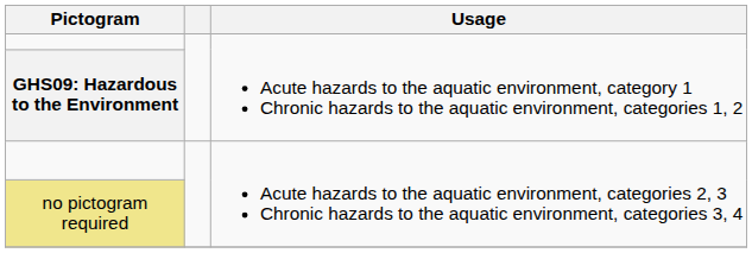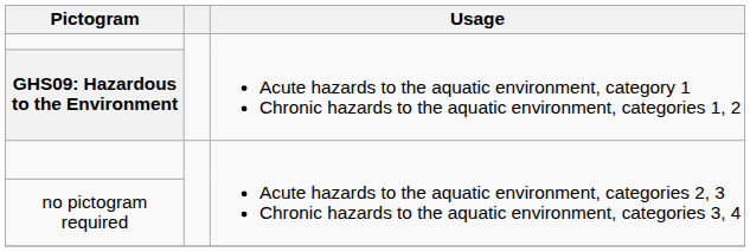 <table class="wikitable">
 <tr>
 <th>Pictogram</th>
 <th> </th>
 <th>Usage</th>
 </tr>
 <tr>
 <td width=150px align=center></td>
 <td rowspan=2 width=15px> </td>
 <td rowspan=2><br><ul><li>Acute hazards to the aquatic environment, category 1</li><li>Chronic hazards to the aquatic environment, categories 1, 2</li></ul></td>
 </tr>
 <tr>
 <th>GHS09: Hazardous to the Environment</th>
 </tr>
 <tr>
 <td width=150px align=center> </td>
 <td rowspan=2 width=15px> </td>
 <td rowspan=2><br><ul><li>Acute hazards to the aquatic environment, categories 2, 3</li><li>Chronic hazards to the aquatic environment, categories 3, 4</li></ul></td>
 </tr>
 <tr>
-<td align=center style="background: khaki;">no pictogram required</td>
+<td align=center>no pictogram required</td>
 </tr>
 <tr>
 </tr>
 </table>
